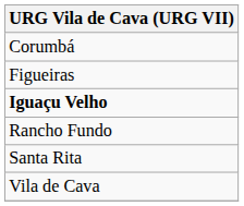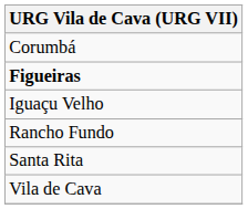 <table class="wikitable" style="margin-bottom: 10px;" border="1">
 <tr>
 <th>URG Vila de Cava (URG VII)</th>
 </tr>
 <tr>
 <td>Corumbá</td>
 </tr>
 <tr>
-<td>Figueiras</td>
+<td><strong>Figueiras</strong></td>
 </tr>
 <tr>
-<td><strong>Iguaçu Velho</strong></td>
+<td>Iguaçu Velho</td>
 </tr>
 <tr>
 <td>Rancho Fundo</td>
 </tr>
 <tr>
 <td>Santa Rita</td>
 </tr>
 <tr>
 <td>Vila de Cava</td>
 </tr>
 <tr>
 </tr>
 </table>
